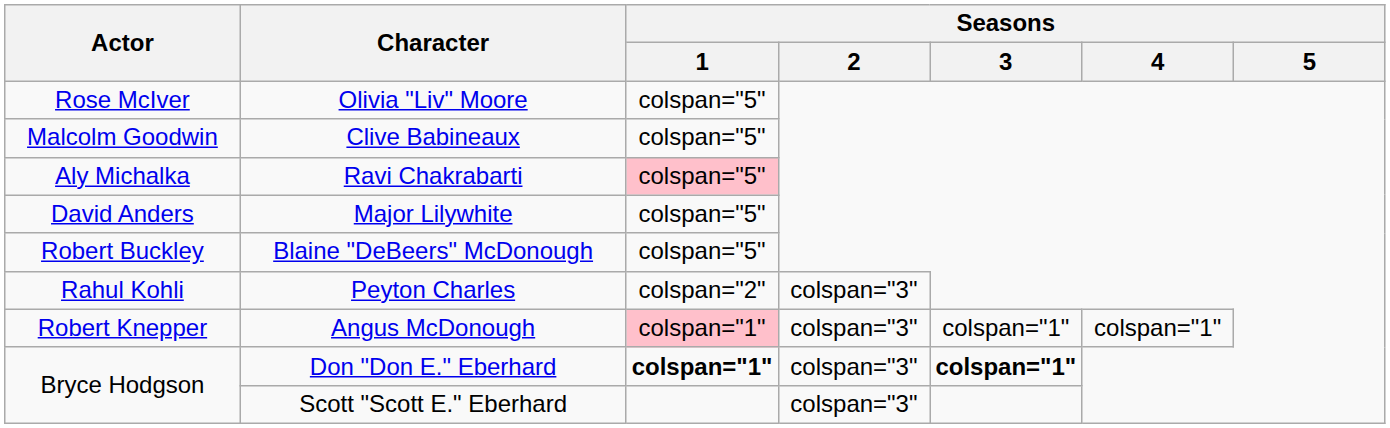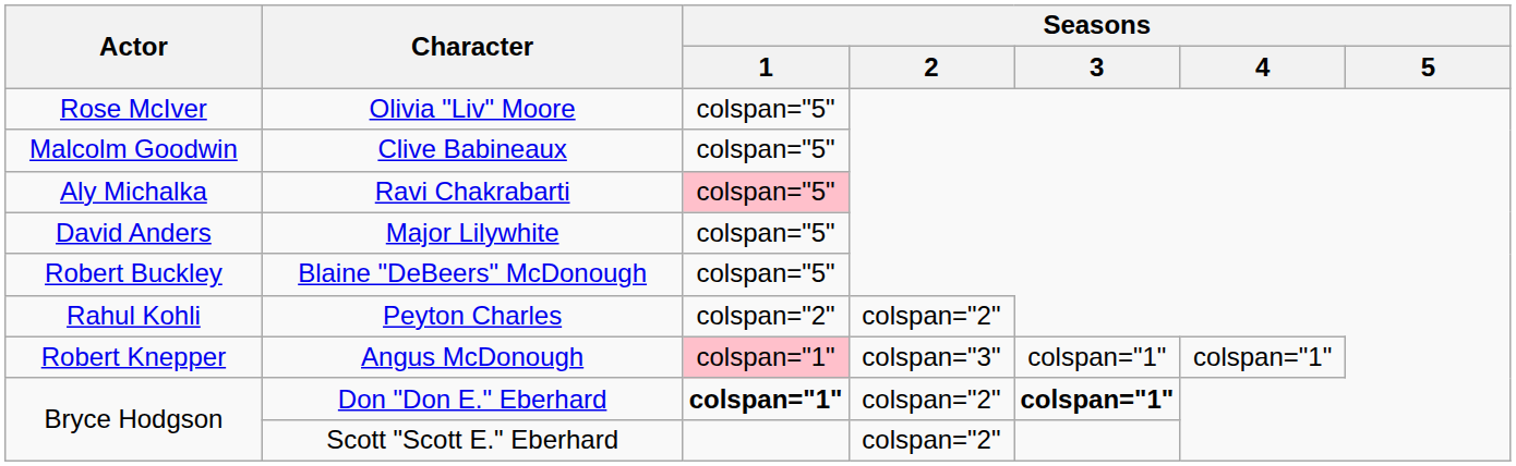 <table class="wikitable plainrowheaders" style="text-align:center;">
 <tr>
 <th scope="col" rowspan="2">Actor</th>
 <th scope="col" rowspan="2">Character</th>
 <th scope="col" colspan="8">Seasons</th>
 </tr>
 <tr>
 <th scope="col" style="width:11%;">1</th>
 <th scope="col" style="width:11%;">2</th>
 <th scope="col" style="width:11%;">3</th>
 <th scope="col" style="width:11%;">4</th>
 <th scope="col" style="width:11%;">5</th>
 </tr>
 <tr>
 <td scope="row"><a href='#'>Rose McIver</a></td>
 <td><a href='#'>Olivia "Liv" Moore</a></td>
 <td>colspan="5" </td>
 </tr>
 <tr>
 <td scope="row"><a href='#'>Malcolm Goodwin</a></td>
 <td><a href='#'>Clive Babineaux</a></td>
 <td>colspan="5" </td>
 </tr>
 <tr>
 <td scope="row"><a href='#'>Aly Michalka</a></td>
 <td><a href='#'>Ravi Chakrabarti</a></td>
 <td style="background: pink;">colspan="5" </td>
 </tr>
 <tr>
 <td scope="row"><a href='#'>David Anders</a></td>
 <td><a href='#'>Major Lilywhite</a></td>
 <td>colspan="5" </td>
 </tr>
 <tr>
 <td scope="row"><a href='#'>Robert Buckley</a></td>
 <td><a href='#'>Blaine "DeBeers" McDonough</a></td>
 <td>colspan="5" </td>
 </tr>
 <tr>
 <td scope="row"><a href='#'>Rahul Kohli</a></td>
 <td><a href='#'>Peyton Charles</a></td>
 <td>colspan="2" </td>
-<td>colspan="3" </td>
+<td>colspan="2" </td>
 </tr>
 <tr>
 <td scope="row"><a href='#'>Robert Knepper</a></td>
 <td><a href='#'>Angus McDonough</a></td>
 <td style="background: pink;">colspan="1" </td>
 <td>colspan="3" </td>
 <td>colspan="1" </td>
 <td>colspan="1" </td>
 </tr>
 <tr>
 <td rowspan="2" scope="row">Bryce Hodgson</td>
 <td><a href='#'>Don "Don E." Eberhard</a></td>
 <td><strong>colspan="1" </strong></td>
-<td>colspan="3" </td>
+<td>colspan="2" </td>
 <td><strong>colspan="1" </strong></td>
 </tr>
 <tr>
 <td>Scott "Scott E." Eberhard</td>
 <td></td>
-<td>colspan="3" </td>
+<td>colspan="2" </td>
 <td></td>
 </tr>
 </table>
